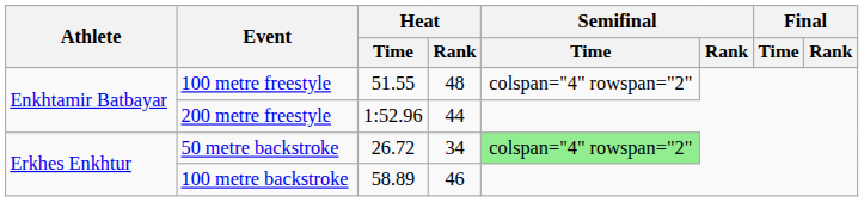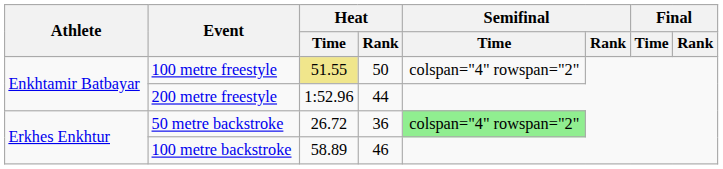 <table class="wikitable" style="text-align:center; font-size:90%; width:50%;">
 <tr>
 <th rowspan="2">Athlete</th>
 <th rowspan="2">Event</th>
 <th colspan="2">Heat</th>
 <th colspan="2">Semifinal</th>
 <th colspan="2">Final</th>
 </tr>
 <tr style="font-size:95%">
 <th>Time</th>
 <th>Rank</th>
 <th>Time</th>
 <th>Rank</th>
 <th>Time</th>
 <th>Rank</th>
 </tr>
 <tr align=center>
 <td align=left rowspan="2"><a href='#'>Enkhtamir Batbayar</a></td>
 <td align=left><a href='#'>100 metre freestyle</a></td>
-<td>51.55</td>
-<td>48</td>
+<td style="background: khaki;">51.55</td>
+<td>50</td>
 <td>colspan="4" rowspan="2"</td>
 </tr>
 <tr align=center>
 <td align=left><a href='#'>200 metre freestyle</a></td>
 <td>1:52.96</td>
 <td>44</td>
 </tr>
 <tr align=center>
 <td align=left rowspan="2"><a href='#'>Erkhes Enkhtur</a></td>
 <td align=left><a href='#'>50 metre backstroke</a></td>
 <td>26.72</td>
-<td>34</td>
+<td>36</td>
 <td style="background: lightgreen;">colspan="4" rowspan="2"</td>
 </tr>
 <tr align=center>
 <td align=left><a href='#'>100 metre backstroke</a></td>
 <td>58.89</td>
 <td>46</td>
 </tr>
 </table>
